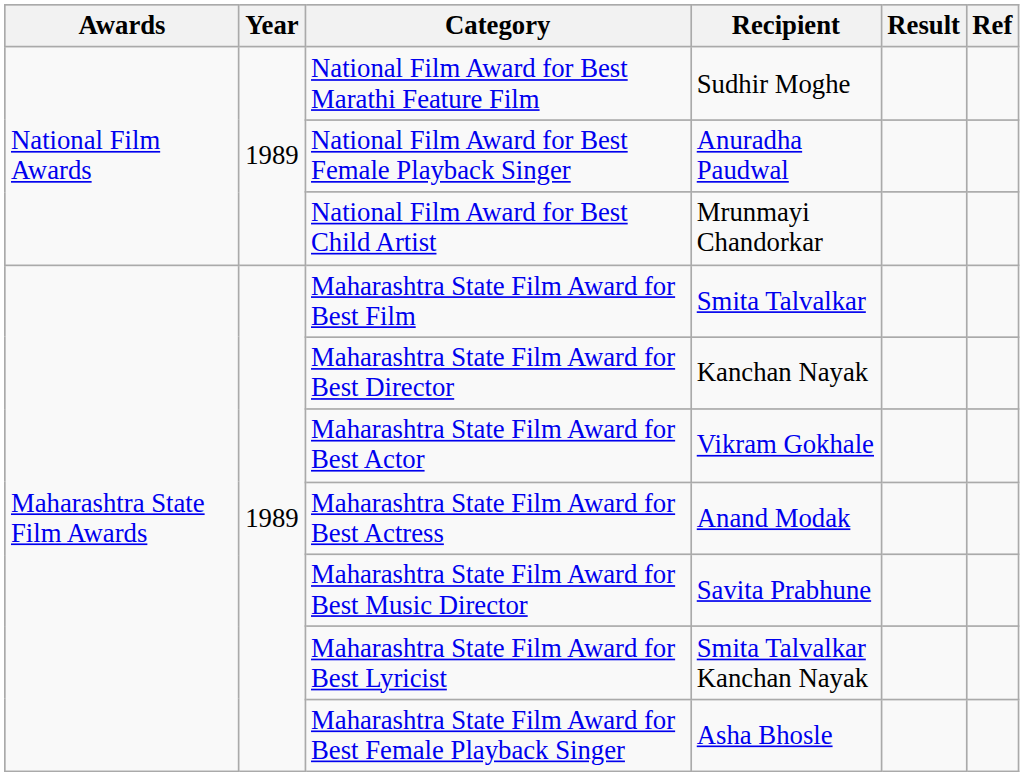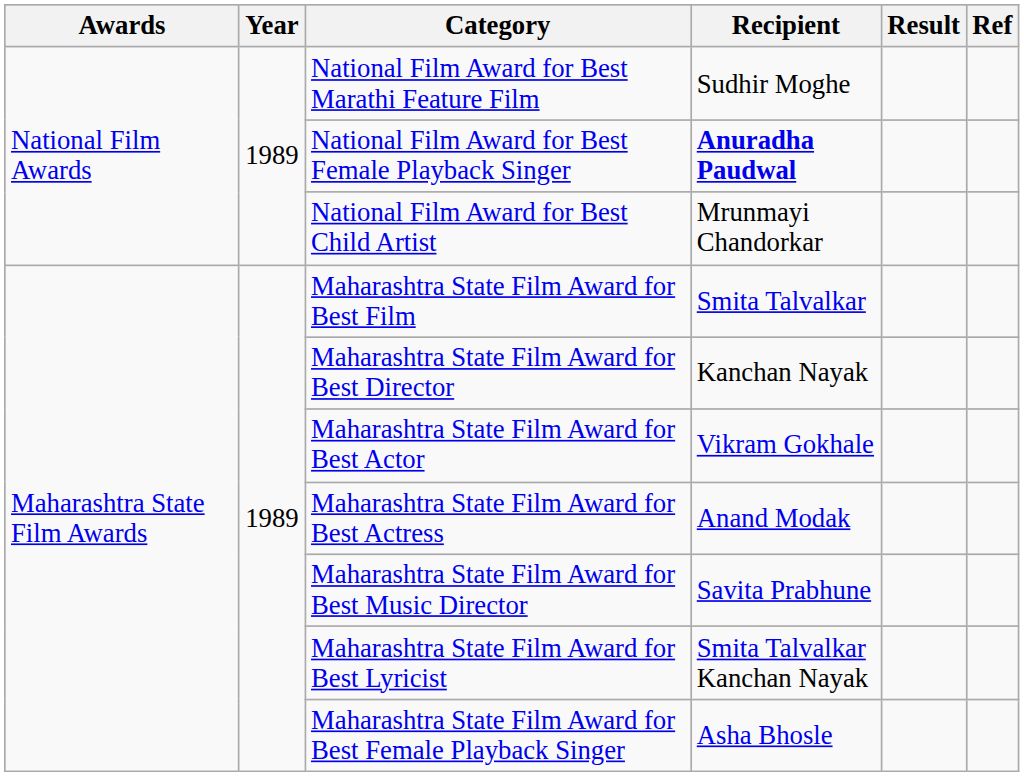 <table class="wikitable">
 <tr>
 <th>Awards</th>
 <th>Year</th>
 <th>Category</th>
 <th>Recipient</th>
 <th>Result</th>
 <th>Ref</th>
 </tr>
 <tr>
 <td Rowspan ="3"><a href='#'>National Film Awards</a></td>
 <td Rowspan ="3">1989</td>
 <td><a href='#'>National Film Award for Best Marathi Feature Film</a></td>
 <td>Sudhir Moghe</td>
 <td></td>
 <td></td>
 </tr>
 <tr>
 <td><a href='#'>National Film Award for Best Female Playback Singer</a></td>
-<td><a href='#'>Anuradha Paudwal</a></td>
+<td><strong><a href='#'>Anuradha Paudwal</a></strong></td>
 <td></td>
 <td></td>
 </tr>
 <tr>
 <td><a href='#'>National Film Award for Best Child Artist</a></td>
 <td>Mrunmayi Chandorkar</td>
 <td></td>
 <td></td>
 </tr>
 <tr>
 <td Rowspan="7"><a href='#'>Maharashtra State Film Awards</a></td>
 <td Rowspan="7">1989</td>
 <td><a href='#'>Maharashtra State Film Award for Best Film</a></td>
 <td><a href='#'>Smita Talvalkar</a></td>
 <td></td>
 <td></td>
 </tr>
 <tr>
 <td><a href='#'>Maharashtra State Film Award for Best Director</a></td>
 <td>Kanchan Nayak</td>
 <td></td>
 <td></td>
 </tr>
 <tr>
 <td><a href='#'>Maharashtra State Film Award for Best Actor</a></td>
 <td><a href='#'>Vikram Gokhale</a></td>
 <td></td>
 <td></td>
 </tr>
 <tr>
 <td><a href='#'>Maharashtra State Film Award for Best Actress</a></td>
 <td><a href='#'>Anand Modak</a></td>
 <td></td>
 <td></td>
 </tr>
 <tr>
 <td><a href='#'>Maharashtra State Film Award for Best Music Director</a></td>
 <td><a href='#'>Savita Prabhune</a></td>
 <td></td>
 <td></td>
 </tr>
 <tr>
 <td><a href='#'>Maharashtra State Film Award for Best Lyricist</a></td>
 <td><a href='#'>Smita Talvalkar</a><br>Kanchan Nayak</td>
 <td></td>
 <td></td>
 </tr>
 <tr>
 <td><a href='#'>Maharashtra State Film Award for Best Female Playback Singer</a></td>
 <td><a href='#'>Asha Bhosle</a></td>
 <td></td>
 <td></td>
 </tr>
 </table>
